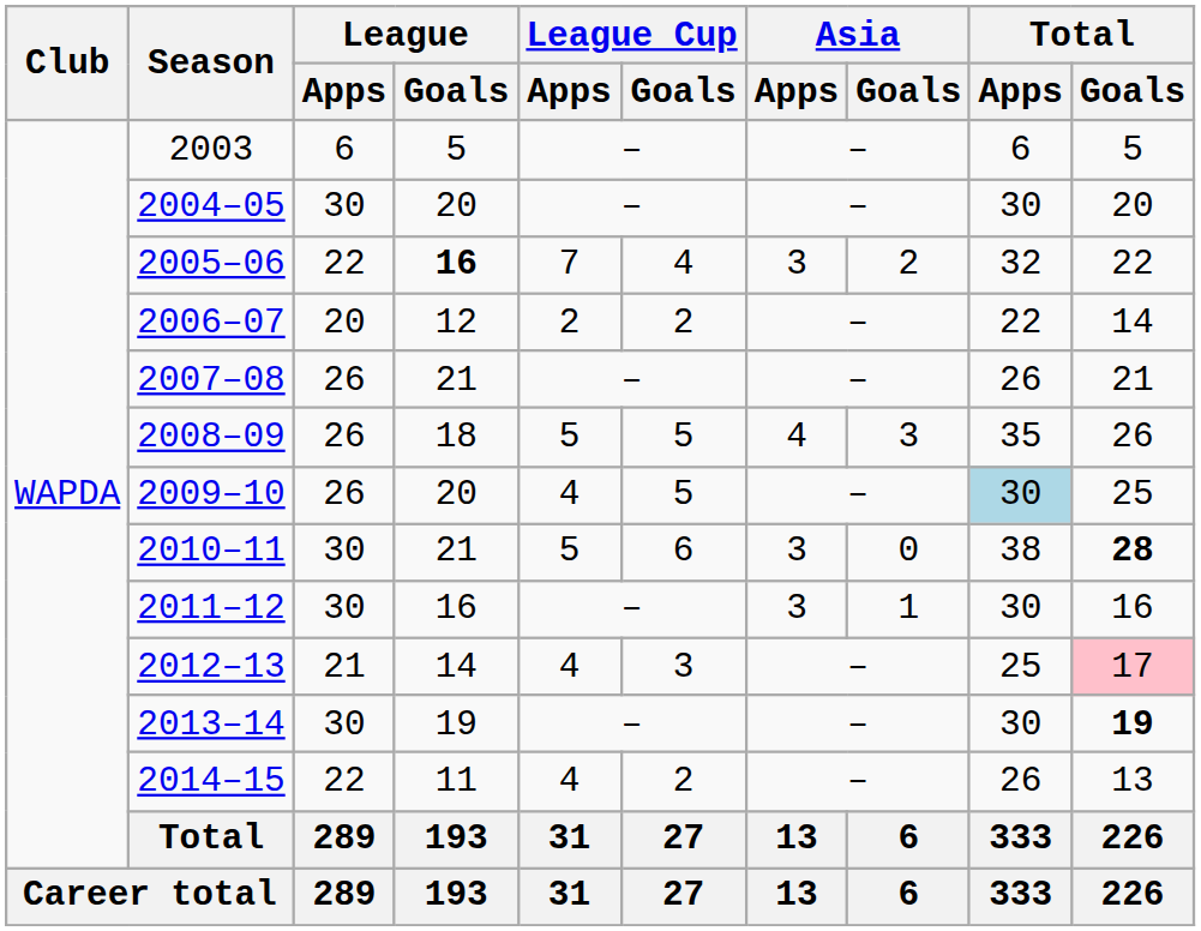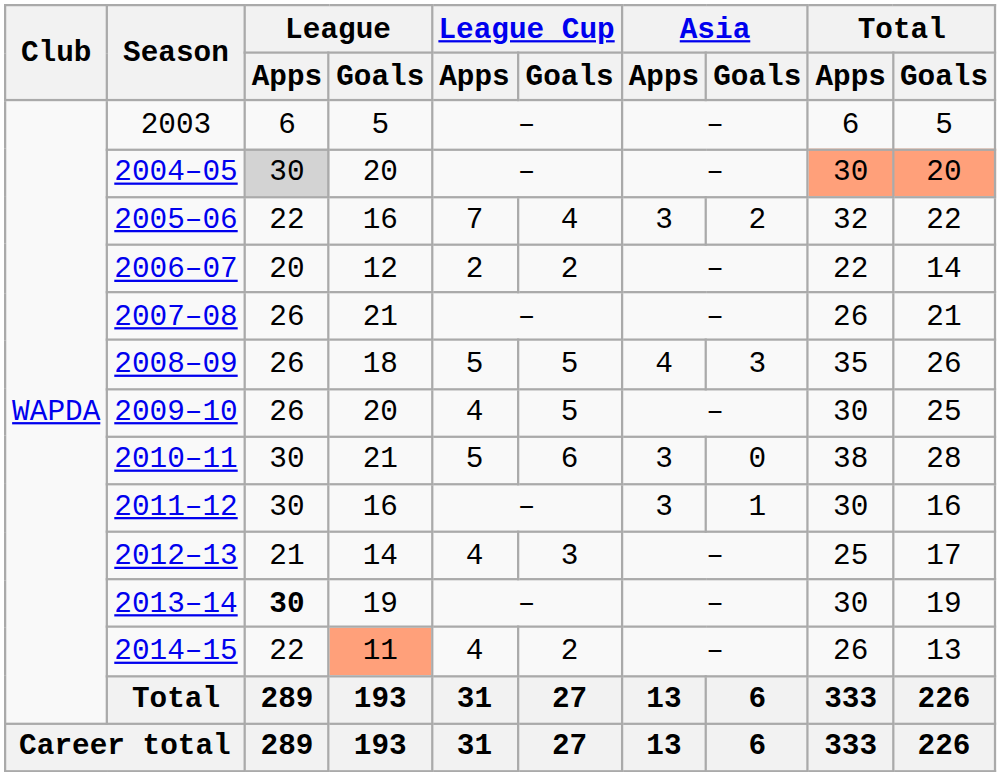 <table class="wikitable" style="text-align: center">
 <tr>
 <th rowspan="2">Club</th>
 <th rowspan="2">Season</th>
 <th colspan="2">League</th>
 <th colspan="2"><a href='#'>League Cup</a></th>
 <th colspan="2"><a href='#'>Asia</a></th>
 <th colspan="2">Total</th>
 </tr>
 <tr>
 <th>Apps</th>
 <th>Goals</th>
 <th>Apps</th>
 <th>Goals</th>
 <th>Apps</th>
 <th>Goals</th>
 <th>Apps</th>
 <th>Goals</th>
 </tr>
 <tr>
 <td rowspan="13"><a href='#'>WAPDA</a></td>
 <td !colspan="2">2003</td>
 <td>6</td>
 <td>5</td>
 <td colspan="2">–</td>
 <td colspan="2">–</td>
 <td>6</td>
 <td>5</td>
 </tr>
 <tr>
 <td !colspan="2"><a href='#'>2004–05</a></td>
-<td>30</td>
+<td style="background: lightgrey;">30</td>
 <td>20</td>
 <td colspan="2">–</td>
 <td colspan="2">–</td>
-<td>30</td>
-<td>20</td>
+<td style="background: lightsalmon;">30</td>
+<td style="background: lightsalmon;">20</td>
 </tr>
 <tr>
 <td !colspan="2"><a href='#'>2005–06</a></td>
 <td>22</td>
-<td><strong>16</strong></td>
+<td>16</td>
 <td>7</td>
 <td>4</td>
 <td>3</td>
 <td>2</td>
 <td>32</td>
 <td>22</td>
 </tr>
 <tr>
 <td !colspan="2"><a href='#'>2006–07</a></td>
 <td>20</td>
 <td>12</td>
 <td>2</td>
 <td>2</td>
 <td colspan="2">–</td>
 <td>22</td>
 <td>14</td>
 </tr>
 <tr>
 <td !colspan="2"><a href='#'>2007–08</a></td>
 <td>26</td>
 <td>21</td>
 <td colspan="2">–</td>
 <td colspan="2">–</td>
 <td>26</td>
 <td>21</td>
 </tr>
 <tr>
 <td !colspan="2"><a href='#'>2008–09</a></td>
 <td>26</td>
 <td>18</td>
 <td>5</td>
 <td>5</td>
 <td>4</td>
 <td>3</td>
 <td>35</td>
 <td>26</td>
 </tr>
 <tr>
 <td !colspan="2"><a href='#'>2009–10</a></td>
 <td>26</td>
 <td>20</td>
 <td>4</td>
 <td>5</td>
 <td colspan="2">–</td>
-<td style="background: lightblue;">30</td>
+<td>30</td>
 <td>25</td>
 </tr>
 <tr>
 <td !colspan="2"><a href='#'>2010–11</a></td>
 <td>30</td>
 <td>21</td>
 <td>5</td>
 <td>6</td>
 <td>3</td>
 <td>0</td>
 <td>38</td>
-<td><strong>28</strong></td>
+<td>28</td>
 </tr>
 <tr>
 <td !colspan="2"><a href='#'>2011–12</a></td>
 <td>30</td>
 <td>16</td>
 <td colspan="2">–</td>
 <td>3</td>
 <td>1</td>
 <td>30</td>
 <td>16</td>
 </tr>
 <tr>
 <td !colspan="2"><a href='#'>2012–13</a></td>
 <td>21</td>
 <td>14</td>
 <td>4</td>
 <td>3</td>
 <td colspan="2">–</td>
 <td>25</td>
-<td style="background: pink;">17</td>
+<td>17</td>
 </tr>
 <tr>
 <td !colspan="2"><a href='#'>2013–14</a></td>
-<td>30</td>
+<td><strong>30</strong></td>
 <td>19</td>
 <td colspan="2">–</td>
 <td colspan="2">–</td>
 <td>30</td>
-<td><strong>19</strong></td>
+<td>19</td>
 </tr>
 <tr>
 <td !colspan="2"><a href='#'>2014–15</a></td>
 <td>22</td>
-<td>11</td>
+<td style="background: lightsalmon;">11</td>
 <td>4</td>
 <td>2</td>
 <td colspan="2">–</td>
 <td>26</td>
 <td>13</td>
 </tr>
 <tr>
 <th>Total</th>
 <th>289</th>
 <th>193</th>
 <th>31</th>
 <th>27</th>
 <th>13</th>
 <th>6</th>
 <th>333</th>
 <th>226</th>
 </tr>
 <tr>
 <th colspan="2">Career total</th>
 <th>289</th>
 <th>193</th>
 <th>31</th>
 <th>27</th>
 <th>13</th>
 <th>6</th>
 <th>333</th>
 <th>226</th>
 </tr>
 </table>
